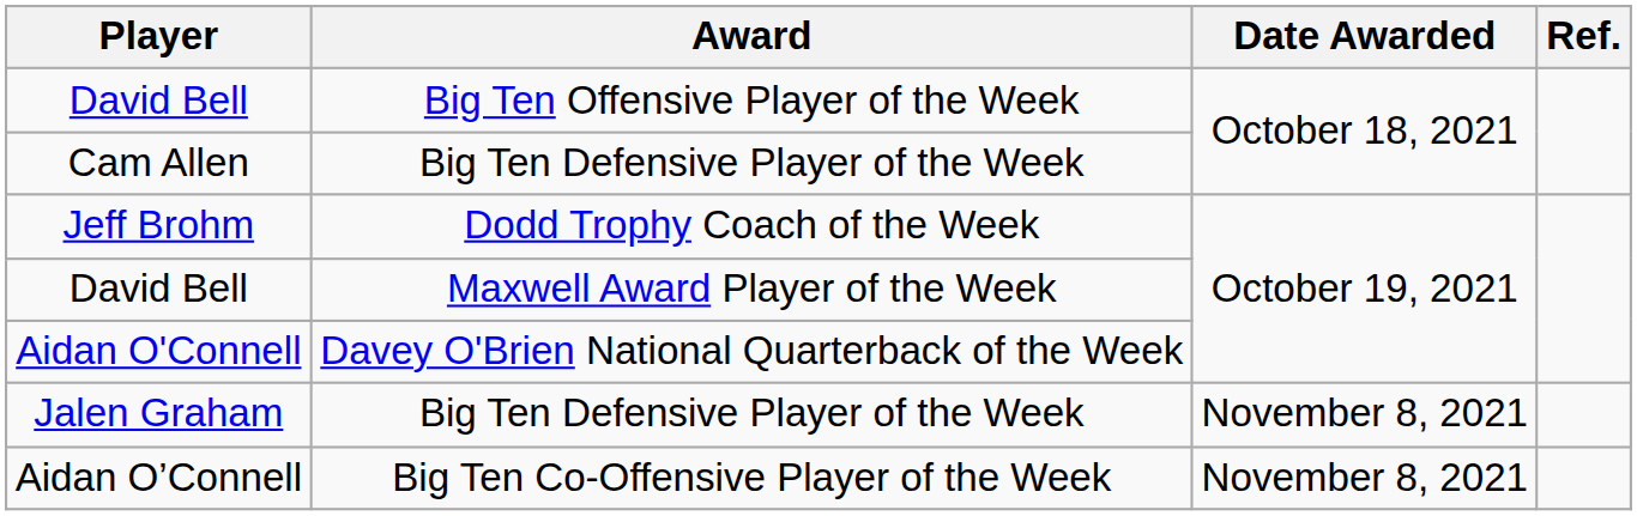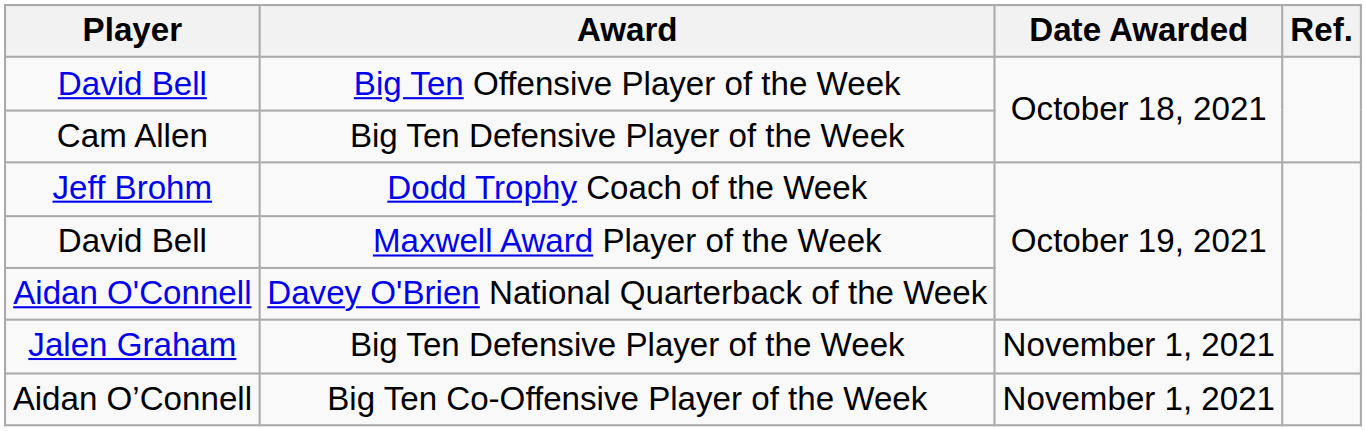 <table class="wikitable sortable sortable" style="text-align: center">
 <tr>
 <th>Player</th>
 <th>Award</th>
 <th>Date Awarded</th>
 <th>Ref.</th>
 </tr>
 <tr>
 <td><a href='#'>David Bell</a></td>
 <td><a href='#'>Big Ten</a> Offensive Player of the Week</td>
 <td rowspan="2">October 18, 2021</td>
 <td rowspan="2"></td>
 </tr>
 <tr>
 <td>Cam Allen</td>
 <td>Big Ten Defensive Player of the Week</td>
 </tr>
 <tr>
 <td><a href='#'>Jeff Brohm</a></td>
 <td><a href='#'>Dodd Trophy</a> Coach of the Week</td>
 <td rowspan="3">October 19, 2021</td>
 <td rowspan="3"></td>
 </tr>
 <tr>
 <td>David Bell</td>
 <td><a href='#'>Maxwell Award</a> Player of the Week</td>
 </tr>
 <tr>
 <td><a href='#'>Aidan O'Connell</a></td>
 <td><a href='#'>Davey O'Brien</a> National Quarterback of the Week</td>
 </tr>
 <tr>
 <td><a href='#'>Jalen Graham</a></td>
 <td>Big Ten Defensive Player of the Week</td>
-<td>November 8, 2021</td>
+<td>November 1, 2021</td>
 <td></td>
 </tr>
 <tr>
 <td>Aidan O’Connell</td>
 <td>Big Ten Co-Offensive Player of the Week</td>
-<td>November 8, 2021</td>
+<td>November 1, 2021</td>
 <td></td>
 </tr>
 </table>
